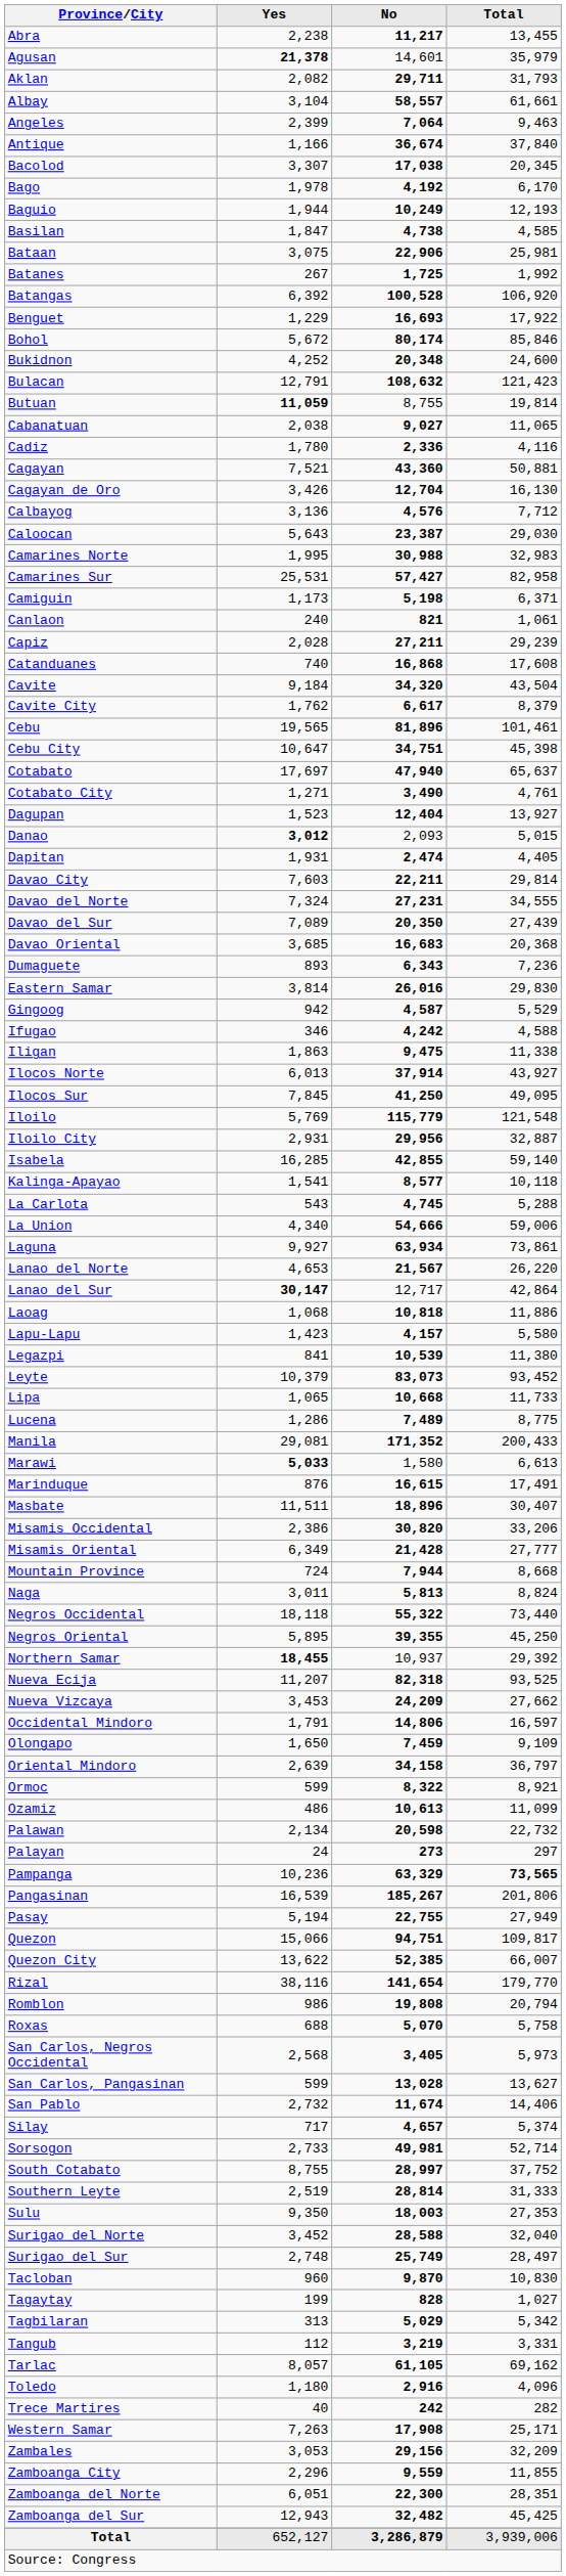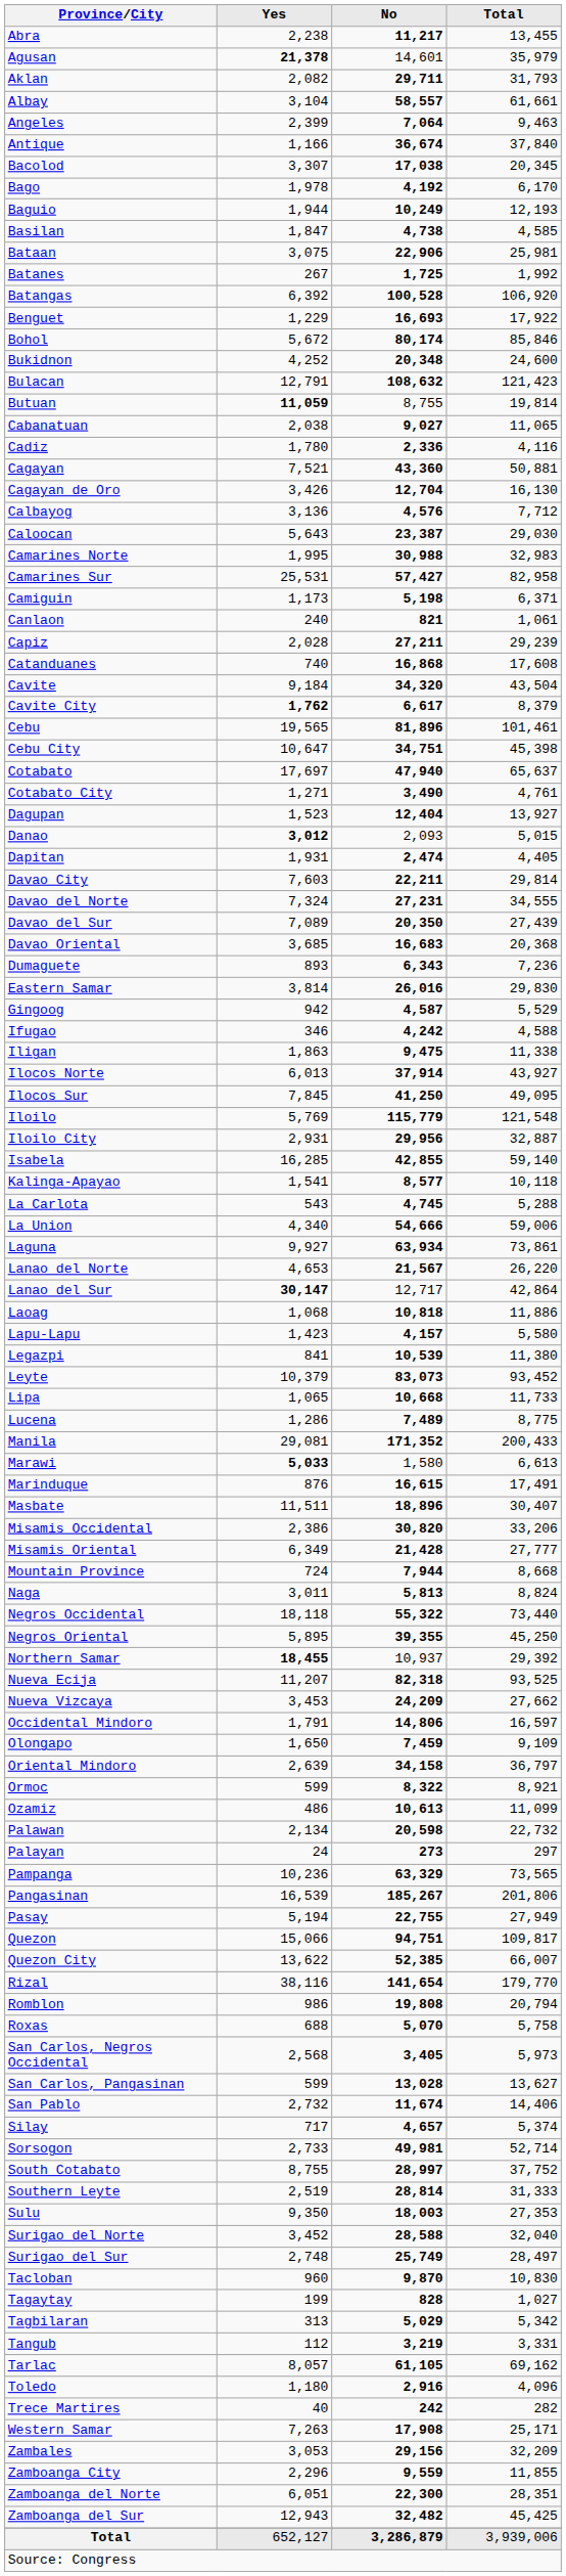 <table class="wikitable" style="text-align:right; font-size:95%">
 <tr>
 <th width="190px" align="left"><a href='#'>Province</a>/<a href='#'>City</a></th>
 <th width="100px" align="center" style="background: #E9E9E9">Yes</th>
 <th width="100px" align="center" style="background: #E9E9E9">No</th>
 <th width="100px" align="center" style="background: #E9E9E9">Total</th>
 </tr>
 <tr>
 <td align="left"><a href='#'>Abra</a></td>
 <td>2,238</td>
 <td><strong>11,217</strong></td>
 <td>13,455</td>
 </tr>
 <tr>
 <td align="left"><a href='#'>Agusan</a></td>
 <td><strong>21,378</strong></td>
 <td>14,601</td>
 <td>35,979</td>
 </tr>
 <tr>
 <td align="left"><a href='#'>Aklan</a></td>
 <td>2,082</td>
 <td><strong>29,711</strong></td>
 <td>31,793</td>
 </tr>
 <tr>
 <td align="left"><a href='#'>Albay</a></td>
 <td>3,104</td>
 <td><strong>58,557</strong></td>
 <td>61,661</td>
 </tr>
 <tr>
 <td align="left"><a href='#'>Angeles</a></td>
 <td>2,399</td>
 <td><strong>7,064</strong></td>
 <td>9,463</td>
 </tr>
 <tr>
 <td align="left"><a href='#'>Antique</a></td>
 <td>1,166</td>
 <td><strong>36,674</strong></td>
 <td>37,840</td>
 </tr>
 <tr>
 <td align="left"><a href='#'>Bacolod</a></td>
 <td>3,307</td>
 <td><strong>17,038</strong></td>
 <td>20,345</td>
 </tr>
 <tr>
 <td align="left"><a href='#'>Bago</a></td>
 <td>1,978</td>
 <td><strong>4,192</strong></td>
 <td>6,170</td>
 </tr>
 <tr>
 <td align="left"><a href='#'>Baguio</a></td>
 <td>1,944</td>
 <td><strong>10,249</strong></td>
 <td>12,193</td>
 </tr>
 <tr>
 <td align="left"><a href='#'>Basilan</a></td>
 <td>1,847</td>
 <td><strong>4,738</strong></td>
 <td>4,585</td>
 </tr>
 <tr>
 <td align="left"><a href='#'>Bataan</a></td>
 <td>3,075</td>
 <td><strong>22,906</strong></td>
 <td>25,981</td>
 </tr>
 <tr>
 <td align="left"><a href='#'>Batanes</a></td>
 <td>267</td>
 <td><strong>1,725</strong></td>
 <td>1,992</td>
 </tr>
 <tr>
 <td align="left"><a href='#'>Batangas</a></td>
 <td>6,392</td>
 <td><strong>100,528</strong></td>
 <td>106,920</td>
 </tr>
 <tr>
 <td align="left"><a href='#'>Benguet</a></td>
 <td>1,229</td>
 <td><strong>16,693</strong></td>
 <td>17,922</td>
 </tr>
 <tr>
 <td align="left"><a href='#'>Bohol</a></td>
 <td>5,672</td>
 <td><strong>80,174</strong></td>
 <td>85,846</td>
 </tr>
 <tr>
 <td align="left"><a href='#'>Bukidnon</a></td>
 <td>4,252</td>
 <td><strong>20,348</strong></td>
 <td>24,600</td>
 </tr>
 <tr>
 <td align="left"><a href='#'>Bulacan</a></td>
 <td>12,791</td>
 <td><strong>108,632</strong></td>
 <td>121,423</td>
 </tr>
 <tr>
 <td align="left"><a href='#'>Butuan</a></td>
 <td><strong>11,059</strong></td>
 <td>8,755</td>
 <td>19,814</td>
 </tr>
 <tr>
 <td align="left"><a href='#'>Cabanatuan</a></td>
 <td>2,038</td>
 <td><strong>9,027</strong></td>
 <td>11,065</td>
 </tr>
 <tr>
 <td align="left"><a href='#'>Cadiz</a></td>
 <td>1,780</td>
 <td><strong>2,336</strong></td>
 <td>4,116</td>
 </tr>
 <tr>
 <td align="left"><a href='#'>Cagayan</a></td>
 <td>7,521</td>
 <td><strong>43,360</strong></td>
 <td>50,881</td>
 </tr>
 <tr>
 <td align="left"><a href='#'>Cagayan de Oro</a></td>
 <td>3,426</td>
 <td><strong>12,704</strong></td>
 <td>16,130</td>
 </tr>
 <tr>
 <td align="left"><a href='#'>Calbayog</a></td>
 <td>3,136</td>
 <td><strong>4,576</strong></td>
 <td>7,712</td>
 </tr>
 <tr>
 <td align="left"><a href='#'>Caloocan</a></td>
 <td>5,643</td>
 <td><strong>23,387</strong></td>
 <td>29,030</td>
 </tr>
 <tr>
 <td align="left"><a href='#'>Camarines Norte</a></td>
 <td>1,995</td>
 <td><strong>30,988</strong></td>
 <td>32,983</td>
 </tr>
 <tr>
 <td align="left"><a href='#'>Camarines Sur</a></td>
 <td>25,531</td>
 <td><strong>57,427</strong></td>
 <td>82,958</td>
 </tr>
 <tr>
 <td align="left"><a href='#'>Camiguin</a></td>
 <td>1,173</td>
 <td><strong>5,198</strong></td>
 <td>6,371</td>
 </tr>
 <tr>
 <td align="left"><a href='#'>Canlaon</a></td>
 <td>240</td>
 <td><strong>821</strong></td>
 <td>1,061</td>
 </tr>
 <tr>
 <td align="left"><a href='#'>Capiz</a></td>
 <td>2,028</td>
 <td><strong>27,211</strong></td>
 <td>29,239</td>
 </tr>
 <tr>
 <td align="left"><a href='#'>Catanduanes</a></td>
 <td>740</td>
 <td><strong>16,868</strong></td>
 <td>17,608</td>
 </tr>
 <tr>
 <td align="left"><a href='#'>Cavite</a></td>
 <td>9,184</td>
 <td><strong>34,320</strong></td>
 <td>43,504</td>
 </tr>
 <tr>
 <td align="left"><a href='#'>Cavite City</a></td>
-<td>1,762</td>
+<td><strong>1,762</strong></td>
 <td><strong>6,617</strong></td>
 <td>8,379</td>
 </tr>
 <tr>
 <td align="left"><a href='#'>Cebu</a></td>
 <td>19,565</td>
 <td><strong>81,896</strong></td>
 <td>101,461</td>
 </tr>
 <tr>
 <td align="left"><a href='#'>Cebu City</a></td>
 <td>10,647</td>
 <td><strong>34,751</strong></td>
 <td>45,398</td>
 </tr>
 <tr>
 <td align="left"><a href='#'>Cotabato</a></td>
 <td>17,697</td>
 <td><strong>47,940</strong></td>
 <td>65,637</td>
 </tr>
 <tr>
 <td align="left"><a href='#'>Cotabato City</a></td>
 <td>1,271</td>
 <td><strong>3,490</strong></td>
 <td>4,761</td>
 </tr>
 <tr>
 <td align="left"><a href='#'>Dagupan</a></td>
 <td>1,523</td>
 <td><strong>12,404</strong></td>
 <td>13,927</td>
 </tr>
 <tr>
 <td align="left"><a href='#'>Danao</a></td>
 <td><strong>3,012</strong></td>
 <td>2,093</td>
 <td>5,015</td>
 </tr>
 <tr>
 <td align="left"><a href='#'>Dapitan</a></td>
 <td>1,931</td>
 <td><strong>2,474</strong></td>
 <td>4,405</td>
 </tr>
 <tr>
 <td align="left"><a href='#'>Davao City</a></td>
 <td>7,603</td>
 <td><strong>22,211</strong></td>
 <td>29,814</td>
 </tr>
 <tr>
 <td align="left"><a href='#'>Davao del Norte</a></td>
 <td>7,324</td>
 <td><strong>27,231</strong></td>
 <td>34,555</td>
 </tr>
 <tr>
 <td align="left"><a href='#'>Davao del Sur</a></td>
 <td>7,089</td>
 <td><strong>20,350</strong></td>
 <td>27,439</td>
 </tr>
 <tr>
 <td align="left"><a href='#'>Davao Oriental</a></td>
 <td>3,685</td>
 <td><strong>16,683</strong></td>
 <td>20,368</td>
 </tr>
 <tr>
 <td align="left"><a href='#'>Dumaguete</a></td>
 <td>893</td>
 <td><strong>6,343</strong></td>
 <td>7,236</td>
 </tr>
 <tr>
 <td align="left"><a href='#'>Eastern Samar</a></td>
 <td>3,814</td>
 <td><strong>26,016</strong></td>
 <td>29,830</td>
 </tr>
 <tr>
 <td align="left"><a href='#'>Gingoog</a></td>
 <td>942</td>
 <td><strong>4,587</strong></td>
 <td>5,529</td>
 </tr>
 <tr>
 <td align="left"><a href='#'>Ifugao</a></td>
 <td>346</td>
 <td><strong>4,242</strong></td>
 <td>4,588</td>
 </tr>
 <tr>
 <td align="left"><a href='#'>Iligan</a></td>
 <td>1,863</td>
 <td><strong>9,475</strong></td>
 <td>11,338</td>
 </tr>
 <tr>
 <td align="left"><a href='#'>Ilocos Norte</a></td>
 <td>6,013</td>
 <td><strong>37,914</strong></td>
 <td>43,927</td>
 </tr>
 <tr>
 <td align="left"><a href='#'>Ilocos Sur</a></td>
 <td>7,845</td>
 <td><strong>41,250</strong></td>
 <td>49,095</td>
 </tr>
 <tr>
 <td align="left"><a href='#'>Iloilo</a></td>
 <td>5,769</td>
 <td><strong>115,779</strong></td>
 <td>121,548</td>
 </tr>
 <tr>
 <td align="left"><a href='#'>Iloilo City</a></td>
 <td>2,931</td>
 <td><strong>29,956</strong></td>
 <td>32,887</td>
 </tr>
 <tr>
 <td align="left"><a href='#'>Isabela</a></td>
 <td>16,285</td>
 <td><strong>42,855</strong></td>
 <td>59,140</td>
 </tr>
 <tr>
 <td align="left"><a href='#'>Kalinga-Apayao</a></td>
 <td>1,541</td>
 <td><strong>8,577</strong></td>
 <td>10,118</td>
 </tr>
 <tr>
 <td align="left"><a href='#'>La Carlota</a></td>
 <td>543</td>
 <td><strong>4,745</strong></td>
 <td>5,288</td>
 </tr>
 <tr>
 <td align="left"><a href='#'>La Union</a></td>
 <td>4,340</td>
 <td><strong>54,666</strong></td>
 <td>59,006</td>
 </tr>
 <tr>
 <td align="left"><a href='#'>Laguna</a></td>
 <td>9,927</td>
 <td><strong>63,934</strong></td>
 <td>73,861</td>
 </tr>
 <tr>
 <td align="left"><a href='#'>Lanao del Norte</a></td>
 <td>4,653</td>
 <td><strong>21,567</strong></td>
 <td>26,220</td>
 </tr>
 <tr>
 <td align="left"><a href='#'>Lanao del Sur</a></td>
 <td><strong>30,147</strong></td>
 <td>12,717</td>
 <td>42,864</td>
 </tr>
 <tr>
 <td align="left"><a href='#'>Laoag</a></td>
 <td>1,068</td>
 <td><strong>10,818</strong></td>
 <td>11,886</td>
 </tr>
 <tr>
 <td align="left"><a href='#'>Lapu-Lapu</a></td>
 <td>1,423</td>
 <td><strong>4,157</strong></td>
 <td>5,580</td>
 </tr>
 <tr>
 <td align="left"><a href='#'>Legazpi</a></td>
 <td>841</td>
 <td><strong>10,539</strong></td>
 <td>11,380</td>
 </tr>
 <tr>
 <td align="left"><a href='#'>Leyte</a></td>
 <td>10,379</td>
 <td><strong>83,073</strong></td>
 <td>93,452</td>
 </tr>
 <tr>
 <td align="left"><a href='#'>Lipa</a></td>
 <td>1,065</td>
 <td><strong>10,668</strong></td>
 <td>11,733</td>
 </tr>
 <tr>
 <td align="left"><a href='#'>Lucena</a></td>
 <td>1,286</td>
 <td><strong>7,489</strong></td>
 <td>8,775</td>
 </tr>
 <tr>
 <td align="left"><a href='#'>Manila</a></td>
 <td>29,081</td>
 <td><strong>171,352</strong></td>
 <td>200,433</td>
 </tr>
 <tr>
 <td align="left"><a href='#'>Marawi</a></td>
 <td><strong>5,033</strong></td>
 <td>1,580</td>
 <td>6,613</td>
 </tr>
 <tr>
 <td align="left"><a href='#'>Marinduque</a></td>
 <td>876</td>
 <td><strong>16,615</strong></td>
 <td>17,491</td>
 </tr>
 <tr>
 <td align="left"><a href='#'>Masbate</a></td>
 <td>11,511</td>
 <td><strong>18,896</strong></td>
 <td>30,407</td>
 </tr>
 <tr>
 <td align="left"><a href='#'>Misamis Occidental</a></td>
 <td>2,386</td>
 <td><strong>30,820</strong></td>
 <td>33,206</td>
 </tr>
 <tr>
 <td align="left"><a href='#'>Misamis Oriental</a></td>
 <td>6,349</td>
 <td><strong>21,428</strong></td>
 <td>27,777</td>
 </tr>
 <tr>
 <td align="left"><a href='#'>Mountain Province</a></td>
 <td>724</td>
 <td><strong>7,944</strong></td>
 <td>8,668</td>
 </tr>
 <tr>
 <td align="left"><a href='#'>Naga</a></td>
 <td>3,011</td>
 <td><strong>5,813</strong></td>
 <td>8,824</td>
 </tr>
 <tr>
 <td align="left"><a href='#'>Negros Occidental</a></td>
 <td>18,118</td>
 <td><strong>55,322</strong></td>
 <td>73,440</td>
 </tr>
 <tr>
 <td align="left"><a href='#'>Negros Oriental</a></td>
 <td>5,895</td>
 <td><strong>39,355</strong></td>
 <td>45,250</td>
 </tr>
 <tr>
 <td align="left"><a href='#'>Northern Samar</a></td>
 <td><strong>18,455</strong></td>
 <td>10,937</td>
 <td>29,392</td>
 </tr>
 <tr>
 <td align="left"><a href='#'>Nueva Ecija</a></td>
 <td>11,207</td>
 <td><strong>82,318</strong></td>
 <td>93,525</td>
 </tr>
 <tr>
 <td align="left"><a href='#'>Nueva Vizcaya</a></td>
 <td>3,453</td>
 <td><strong>24,209</strong></td>
 <td>27,662</td>
 </tr>
 <tr>
 <td align="left"><a href='#'>Occidental Mindoro</a></td>
 <td>1,791</td>
 <td><strong>14,806</strong></td>
 <td>16,597</td>
 </tr>
 <tr>
 <td align="left"><a href='#'>Olongapo</a></td>
 <td>1,650</td>
 <td><strong>7,459</strong></td>
 <td>9,109</td>
 </tr>
 <tr>
 <td align="left"><a href='#'>Oriental Mindoro</a></td>
 <td>2,639</td>
 <td><strong>34,158</strong></td>
 <td>36,797</td>
 </tr>
 <tr>
 <td align="left"><a href='#'>Ormoc</a></td>
 <td>599</td>
 <td><strong>8,322</strong></td>
 <td>8,921</td>
 </tr>
 <tr>
 <td align="left"><a href='#'>Ozamiz</a></td>
 <td>486</td>
 <td><strong>10,613</strong></td>
 <td>11,099</td>
 </tr>
 <tr>
 <td align="left"><a href='#'>Palawan</a></td>
 <td>2,134</td>
 <td><strong>20,598</strong></td>
 <td>22,732</td>
 </tr>
 <tr>
 <td align="left"><a href='#'>Palayan</a></td>
 <td>24</td>
 <td><strong>273</strong></td>
 <td>297</td>
 </tr>
 <tr>
 <td align="left"><a href='#'>Pampanga</a></td>
 <td>10,236</td>
 <td><strong>63,329</strong></td>
-<td><strong>73,565</strong></td>
+<td>73,565</td>
 </tr>
 <tr>
 <td align="left"><a href='#'>Pangasinan</a></td>
 <td>16,539</td>
 <td><strong>185,267</strong></td>
 <td>201,806</td>
 </tr>
 <tr>
 <td align="left"><a href='#'>Pasay</a></td>
 <td>5,194</td>
 <td><strong>22,755</strong></td>
 <td>27,949</td>
 </tr>
 <tr>
 <td align="left"><a href='#'>Quezon</a></td>
 <td>15,066</td>
 <td><strong>94,751</strong></td>
 <td>109,817</td>
 </tr>
 <tr>
 <td align="left"><a href='#'>Quezon City</a></td>
 <td>13,622</td>
 <td><strong>52,385</strong></td>
 <td>66,007</td>
 </tr>
 <tr>
 <td align="left"><a href='#'>Rizal</a></td>
 <td>38,116</td>
 <td><strong>141,654</strong></td>
 <td>179,770</td>
 </tr>
 <tr>
 <td align="left"><a href='#'>Romblon</a></td>
 <td>986</td>
 <td><strong>19,808</strong></td>
 <td>20,794</td>
 </tr>
 <tr>
 <td align="left"><a href='#'>Roxas</a></td>
 <td>688</td>
 <td><strong>5,070</strong></td>
 <td>5,758</td>
 </tr>
 <tr>
 <td align="left"><a href='#'>San Carlos, Negros Occidental</a></td>
 <td>2,568</td>
 <td><strong>3,405</strong></td>
 <td>5,973</td>
 </tr>
 <tr>
 <td align="left"><a href='#'>San Carlos, Pangasinan</a></td>
 <td>599</td>
 <td><strong>13,028</strong></td>
 <td>13,627</td>
 </tr>
 <tr>
 <td align="left"><a href='#'>San Pablo</a></td>
 <td>2,732</td>
 <td><strong>11,674</strong></td>
 <td>14,406</td>
 </tr>
 <tr>
 <td align="left"><a href='#'>Silay</a></td>
 <td>717</td>
 <td><strong>4,657</strong></td>
 <td>5,374</td>
 </tr>
 <tr>
 <td align="left"><a href='#'>Sorsogon</a></td>
 <td>2,733</td>
 <td><strong>49,981</strong></td>
 <td>52,714</td>
 </tr>
 <tr>
 <td align="left"><a href='#'>South Cotabato</a></td>
 <td>8,755</td>
 <td><strong>28,997</strong></td>
 <td>37,752</td>
 </tr>
 <tr>
 <td align="left"><a href='#'>Southern Leyte</a></td>
 <td>2,519</td>
 <td><strong>28,814</strong></td>
 <td>31,333</td>
 </tr>
 <tr>
 <td align="left"><a href='#'>Sulu</a></td>
 <td>9,350</td>
 <td><strong>18,003</strong></td>
 <td>27,353</td>
 </tr>
 <tr>
 <td align="left"><a href='#'>Surigao del Norte</a></td>
 <td>3,452</td>
 <td><strong>28,588</strong></td>
 <td>32,040</td>
 </tr>
 <tr>
 <td align="left"><a href='#'>Surigao del Sur</a></td>
 <td>2,748</td>
 <td><strong>25,749</strong></td>
 <td>28,497</td>
 </tr>
 <tr>
 <td align="left"><a href='#'>Tacloban</a></td>
 <td>960</td>
 <td><strong>9,870</strong></td>
 <td>10,830</td>
 </tr>
 <tr>
 <td align="left"><a href='#'>Tagaytay</a></td>
 <td>199</td>
 <td><strong>828</strong></td>
 <td>1,027</td>
 </tr>
 <tr>
 <td align="left"><a href='#'>Tagbilaran</a></td>
 <td>313</td>
 <td><strong>5,029</strong></td>
 <td>5,342</td>
 </tr>
 <tr>
 <td align="left"><a href='#'>Tangub</a></td>
 <td>112</td>
 <td><strong>3,219</strong></td>
 <td>3,331</td>
 </tr>
 <tr>
 <td align="left"><a href='#'>Tarlac</a></td>
 <td>8,057</td>
 <td><strong>61,105</strong></td>
 <td>69,162</td>
 </tr>
 <tr>
 <td align="left"><a href='#'>Toledo</a></td>
 <td>1,180</td>
 <td><strong>2,916</strong></td>
 <td>4,096</td>
 </tr>
 <tr>
 <td align="left"><a href='#'>Trece Martires</a></td>
 <td>40</td>
 <td><strong>242</strong></td>
 <td>282</td>
 </tr>
 <tr>
 <td align="left"><a href='#'>Western Samar</a></td>
 <td>7,263</td>
 <td><strong>17,908</strong></td>
 <td>25,171</td>
 </tr>
 <tr>
 <td align="left"><a href='#'>Zambales</a></td>
 <td>3,053</td>
 <td><strong>29,156</strong></td>
 <td>32,209</td>
 </tr>
 <tr>
 <td align="left"><a href='#'>Zamboanga City</a></td>
 <td>2,296</td>
 <td><strong>9,559</strong></td>
 <td>11,855</td>
 </tr>
 <tr>
 <td align="left"><a href='#'>Zamboanga del Norte</a></td>
 <td>6,051</td>
 <td><strong>22,300</strong></td>
 <td>28,351</td>
 </tr>
 <tr>
 <td align="left"><a href='#'>Zamboanga del Sur</a></td>
 <td>12,943</td>
 <td><strong>32,482</strong></td>
 <td>45,425</td>
 </tr>
 <tr>
 </tr>
 <tr style="background:#E9E9E9">
 <th align="center"><strong>Total</strong></th>
 <td>652,127</td>
 <td><strong>3,286,879</strong></td>
 <td>3,939,006</td>
 </tr>
 <tr>
 <td colspan="4" align="left">Source: Congress</td>
 </tr>
 </table>
